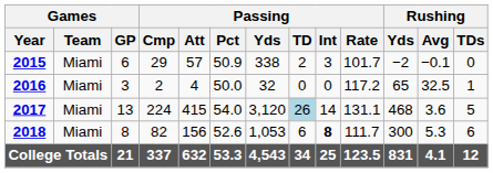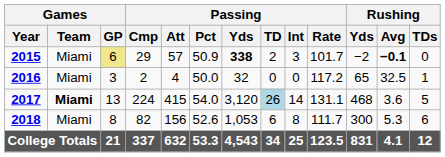 <table class="wikitable" style="text-align:center;">
 <tr>
 <th colspan=3>Games</th>
 <th colspan="7">Passing</th>
 <th colspan=3>Rushing</th>
 </tr>
 <tr>
 <th>Year</th>
 <th>Team</th>
 <th>GP</th>
 <th>Cmp</th>
 <th>Att</th>
 <th>Pct</th>
 <th>Yds</th>
 <th>TD</th>
 <th>Int</th>
 <th>Rate</th>
 <th>Yds</th>
 <th>Avg</th>
 <th>TDs</th>
 </tr>
 <tr>
 <td><strong><a href='#'>2015</a></strong></td>
 <td>Miami</td>
-<td>6</td>
+<td style="background: khaki;">6</td>
 <td>29</td>
 <td>57</td>
 <td>50.9</td>
-<td>338</td>
+<td><strong>338</strong></td>
 <td>2</td>
 <td>3</td>
 <td>101.7</td>
 <td>−2</td>
-<td>−0.1</td>
+<td><strong>−0.1</strong></td>
 <td>0</td>
 </tr>
 <tr>
 <td><strong><a href='#'>2016</a></strong></td>
 <td>Miami</td>
 <td>3</td>
 <td>2</td>
 <td>4</td>
 <td>50.0</td>
 <td>32</td>
 <td>0</td>
 <td>0</td>
 <td>117.2</td>
 <td>65</td>
 <td>32.5</td>
 <td>1</td>
 </tr>
 <tr>
 <td><a href='#'><strong>2017</strong></a></td>
-<td>Miami</td>
+<td><strong>Miami</strong></td>
 <td>13</td>
 <td>224</td>
 <td>415</td>
 <td>54.0</td>
 <td>3,120</td>
 <td style="background: lightblue;">26</td>
 <td>14</td>
 <td>131.1</td>
 <td>468</td>
 <td>3.6</td>
 <td>5</td>
 </tr>
 <tr>
 <td><a href='#'><strong>2018</strong></a></td>
 <td>Miami</td>
 <td>8</td>
 <td>82</td>
 <td>156</td>
 <td>52.6</td>
 <td>1,053</td>
 <td>6</td>
-<td><strong>8</strong></td>
+<td>8</td>
 <td>111.7</td>
 <td>300</td>
 <td>5.3</td>
 <td>6</td>
 </tr>
 <tr style="background:#555; font-weight:bold; color:white;">
 <td colspan=2>College Totals</td>
 <td>21</td>
 <td>337</td>
 <td>632</td>
 <td>53.3</td>
 <td>4,543</td>
 <td>34</td>
 <td>25</td>
 <td>123.5</td>
 <td>831</td>
 <td>4.1</td>
 <td>12</td>
 </tr>
 </table>
